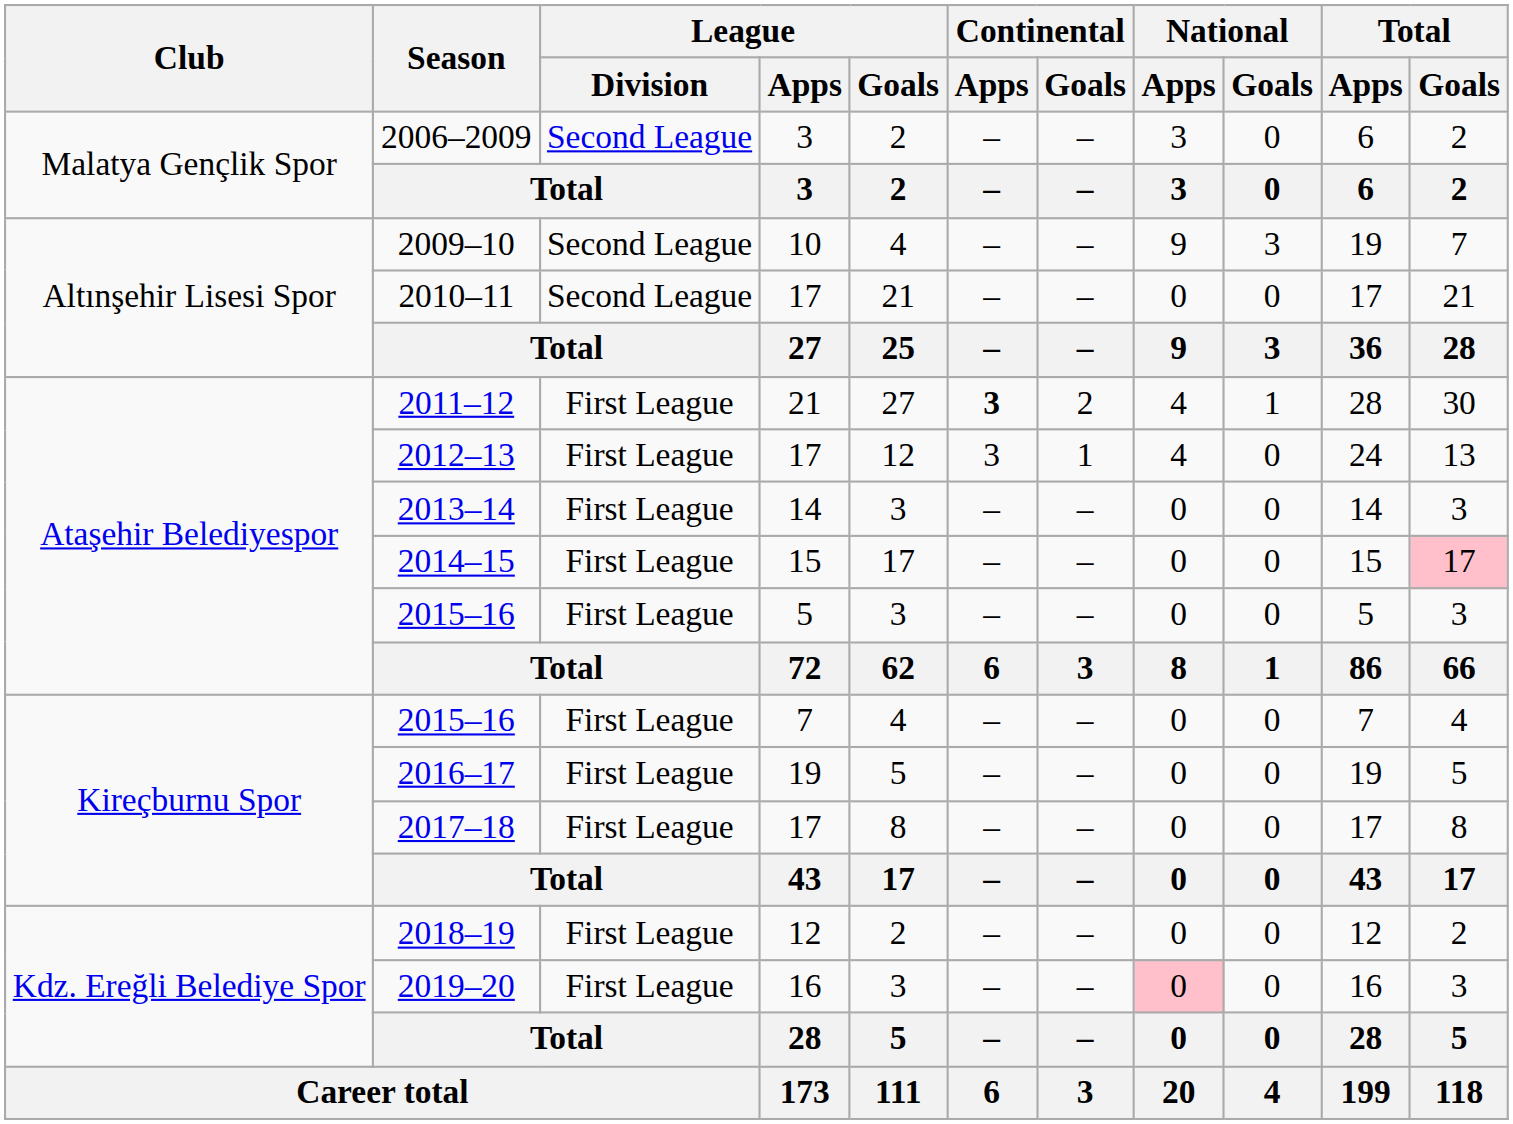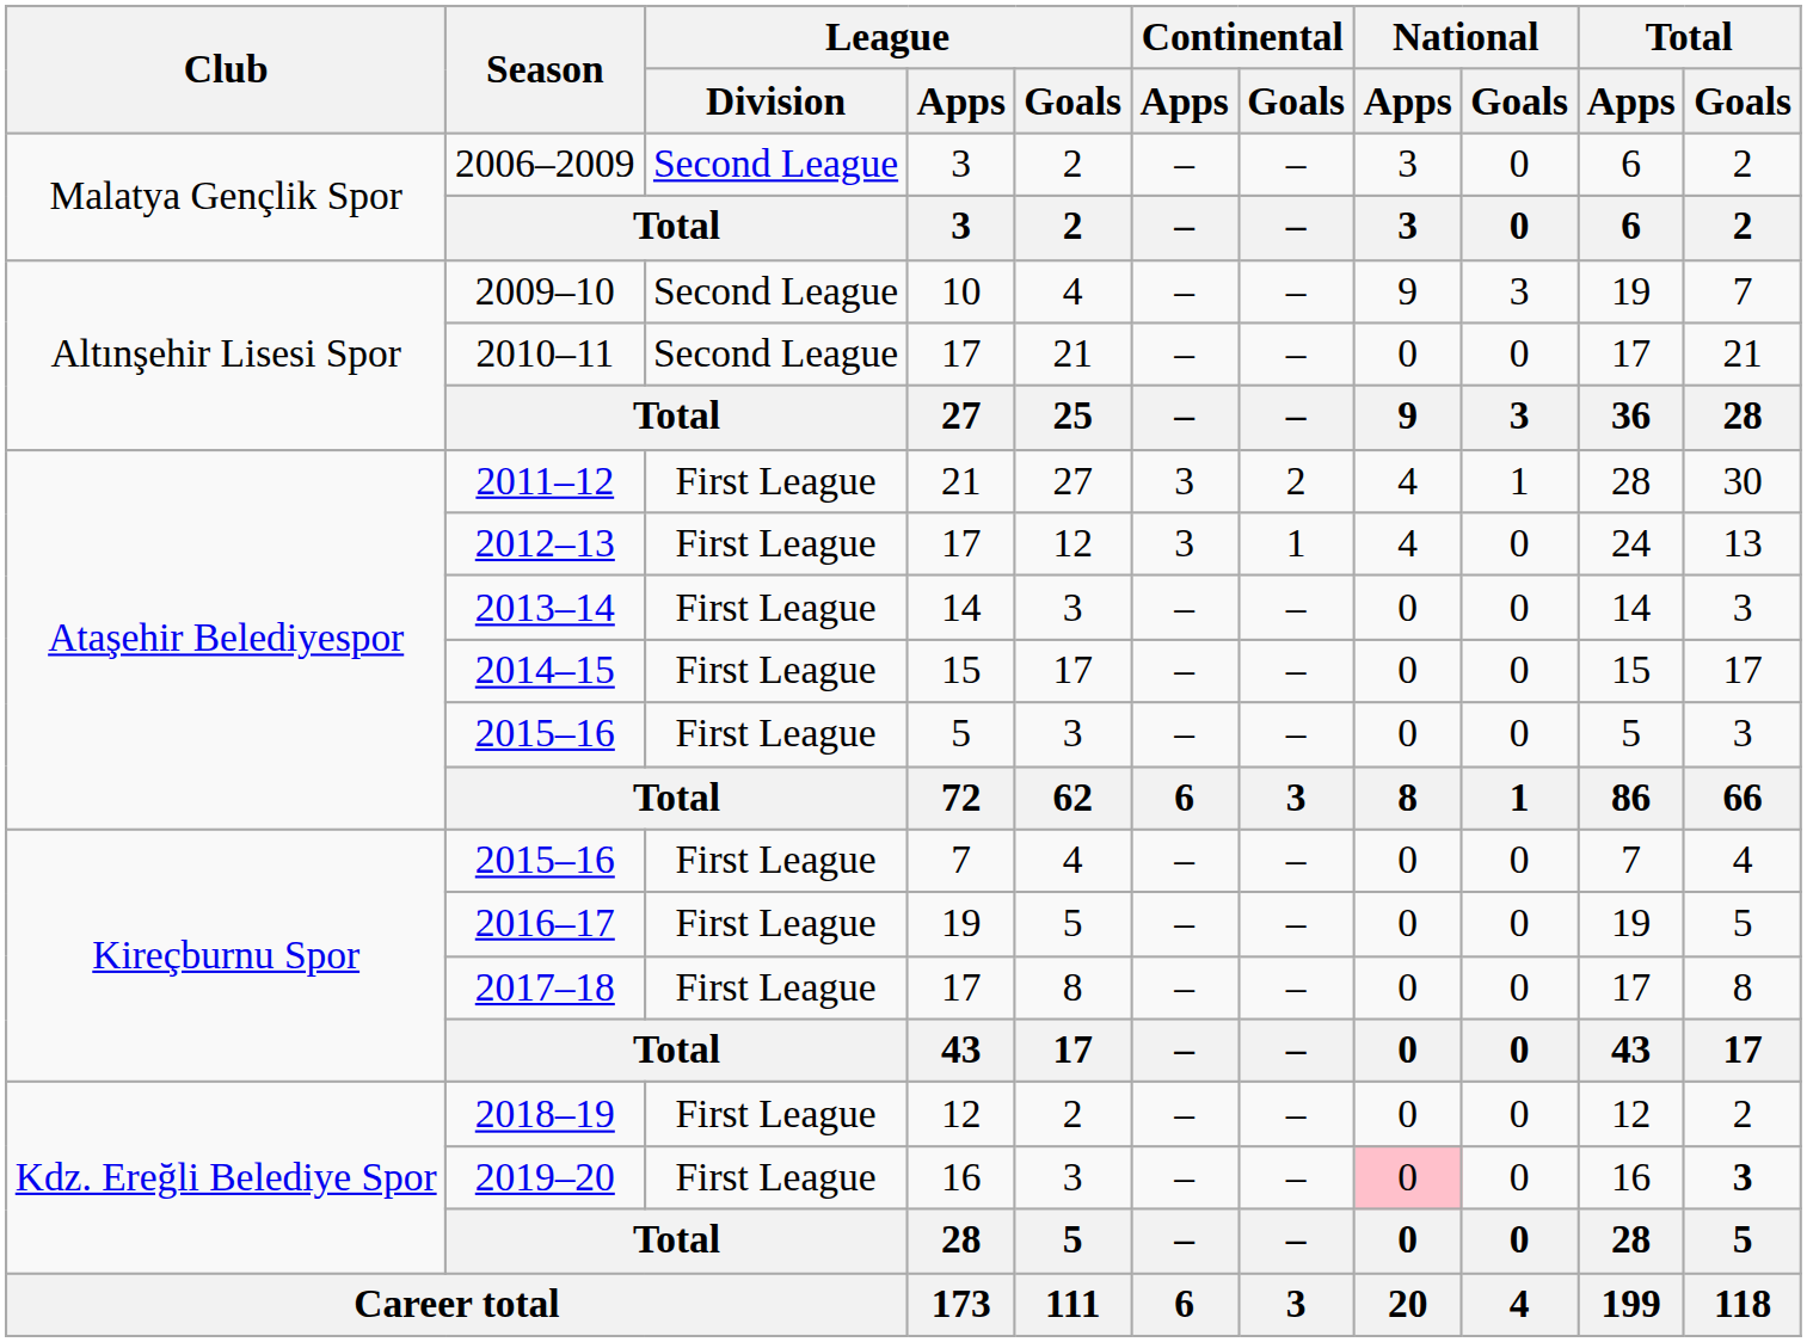 <table class="wikitable" style="text-align: center;">
 <tr>
 <th rowspan=2>Club</th>
 <th rowspan=2>Season</th>
 <th colspan=3>League</th>
 <th colspan=2>Continental</th>
 <th colspan=2>National</th>
 <th colspan=2>Total</th>
 </tr>
 <tr>
 <th>Division</th>
 <th>Apps</th>
 <th>Goals</th>
 <th>Apps</th>
 <th>Goals</th>
 <th>Apps</th>
 <th>Goals</th>
 <th>Apps</th>
 <th>Goals</th>
 </tr>
 <tr>
 <td rowspan=2>Malatya Gençlik Spor</td>
 <td>2006–2009</td>
 <td><a href='#'>Second League</a></td>
 <td>3</td>
 <td>2</td>
 <td>–</td>
 <td>–</td>
 <td>3</td>
 <td>0</td>
 <td>6</td>
 <td>2</td>
 </tr>
 <tr>
 <th colspan=2>Total</th>
 <th>3</th>
 <th>2</th>
 <th>–</th>
 <th>–</th>
 <th>3</th>
 <th>0</th>
 <th>6</th>
 <th>2</th>
 </tr>
 <tr>
 <td rowspan=3>Altınşehir Lisesi Spor</td>
 <td>2009–10</td>
 <td>Second League</td>
 <td>10</td>
 <td>4</td>
 <td>–</td>
 <td>–</td>
 <td>9</td>
 <td>3</td>
 <td>19</td>
 <td>7</td>
 </tr>
 <tr>
 <td>2010–11</td>
 <td>Second League</td>
 <td>17</td>
 <td>21</td>
 <td>–</td>
 <td>–</td>
 <td>0</td>
 <td>0</td>
 <td>17</td>
 <td>21</td>
 </tr>
 <tr>
 <th colspan=2>Total</th>
 <th>27</th>
 <th>25</th>
 <th>–</th>
 <th>–</th>
 <th>9</th>
 <th>3</th>
 <th>36</th>
 <th>28</th>
 </tr>
 <tr>
 <td rowspan=6><a href='#'>Ataşehir Belediyespor</a></td>
 <td><a href='#'>2011–12</a></td>
 <td>First League</td>
 <td>21</td>
 <td>27</td>
-<td><strong>3</strong></td>
+<td>3</td>
 <td>2</td>
 <td>4</td>
 <td>1</td>
 <td>28</td>
 <td>30</td>
 </tr>
 <tr>
 <td><a href='#'>2012–13</a></td>
 <td>First League</td>
 <td>17</td>
 <td>12</td>
 <td>3</td>
 <td>1</td>
 <td>4</td>
 <td>0</td>
 <td>24</td>
 <td>13</td>
 </tr>
 <tr>
 <td><a href='#'>2013–14</a></td>
 <td>First League</td>
 <td>14</td>
 <td>3</td>
 <td>–</td>
 <td>–</td>
 <td>0</td>
 <td>0</td>
 <td>14</td>
 <td>3</td>
 </tr>
 <tr>
 <td><a href='#'>2014–15</a></td>
 <td>First League</td>
 <td>15</td>
 <td>17</td>
 <td>–</td>
 <td>–</td>
 <td>0</td>
 <td>0</td>
 <td>15</td>
-<td style="background: pink;">17</td>
+<td>17</td>
 </tr>
 <tr>
 <td><a href='#'>2015–16</a></td>
 <td>First League</td>
 <td>5</td>
 <td>3</td>
 <td>–</td>
 <td>–</td>
 <td>0</td>
 <td>0</td>
 <td>5</td>
 <td>3</td>
 </tr>
 <tr>
 <th colspan=2>Total</th>
 <th>72</th>
 <th>62</th>
 <th>6</th>
 <th>3</th>
 <th>8</th>
 <th>1</th>
 <th>86</th>
 <th>66</th>
 </tr>
 <tr>
 <td rowspan=4><a href='#'>Kireçburnu Spor</a></td>
 <td><a href='#'>2015–16</a></td>
 <td>First League</td>
 <td>7</td>
 <td>4</td>
 <td>–</td>
 <td>–</td>
 <td>0</td>
 <td>0</td>
 <td>7</td>
 <td>4</td>
 </tr>
 <tr>
 <td><a href='#'>2016–17</a></td>
 <td>First League</td>
 <td>19</td>
 <td>5</td>
 <td>–</td>
 <td>–</td>
 <td>0</td>
 <td>0</td>
 <td>19</td>
 <td>5</td>
 </tr>
 <tr>
 <td><a href='#'>2017–18</a></td>
 <td>First League</td>
 <td>17</td>
 <td>8</td>
 <td>–</td>
 <td>–</td>
 <td>0</td>
 <td>0</td>
 <td>17</td>
 <td>8</td>
 </tr>
 <tr>
 <th colspan=2>Total</th>
 <th>43</th>
 <th>17</th>
 <th>–</th>
 <th>–</th>
 <th>0</th>
 <th>0</th>
 <th>43</th>
 <th>17</th>
 </tr>
 <tr>
 <td rowspan=3><a href='#'>Kdz. Ereğli Belediye Spor</a></td>
 <td><a href='#'>2018–19</a></td>
 <td>First League</td>
 <td>12</td>
 <td>2</td>
 <td>–</td>
 <td>–</td>
 <td>0</td>
 <td>0</td>
 <td>12</td>
 <td>2</td>
 </tr>
 <tr>
 <td><a href='#'>2019–20</a></td>
 <td>First League</td>
 <td>16</td>
 <td>3</td>
 <td>–</td>
 <td>–</td>
 <td style="background: pink;">0</td>
 <td>0</td>
 <td>16</td>
-<td>3</td>
+<td><strong>3</strong></td>
 </tr>
 <tr>
 <th colspan=2>Total</th>
 <th>28</th>
 <th>5</th>
 <th>–</th>
 <th>–</th>
 <th>0</th>
 <th>0</th>
 <th>28</th>
 <th>5</th>
 </tr>
 <tr>
 <th colspan=3>Career total</th>
 <th>173</th>
 <th>111</th>
 <th>6</th>
 <th>3</th>
 <th>20</th>
 <th>4</th>
 <th>199</th>
 <th>118</th>
 </tr>
 </table>
